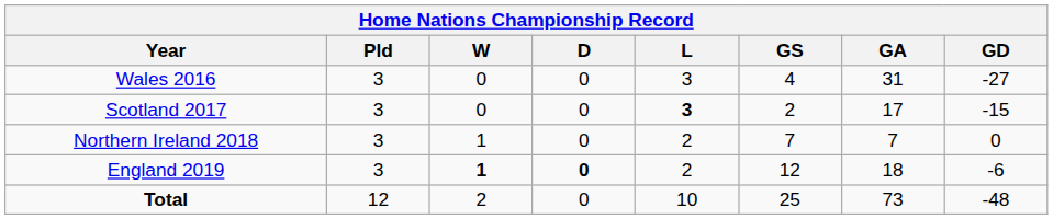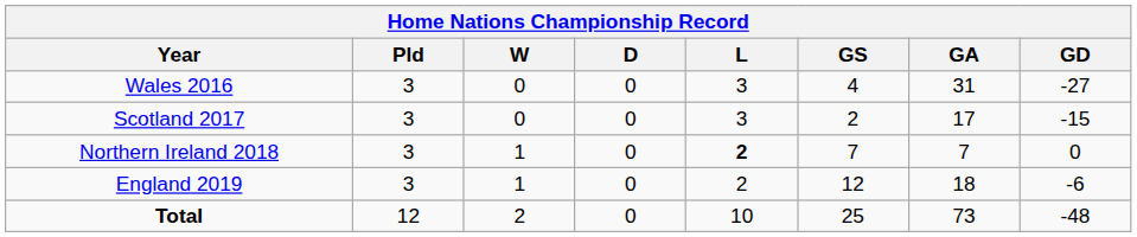 <table class="wikitable"  style="width:50%; text-align:center; font-size:90%;">
 <tr>
 <th colspan=8><a href='#'>Home Nations Championship Record</a></th>
 </tr>
 <tr>
 <th width=25%>Year</th>
 <th width=8%>Pld</th>
 <th width=8%>W</th>
 <th width=8%>D</th>
 <th width=8%>L</th>
 <th width=8%>GS</th>
 <th width=8%>GA</th>
 <th width=8%>GD</th>
 </tr>
 <tr>
 <td><a href='#'>Wales 2016</a></td>
 <td>3</td>
 <td>0</td>
 <td>0</td>
 <td>3</td>
 <td>4</td>
 <td>31</td>
 <td>-27</td>
 </tr>
 <tr>
 <td><a href='#'>Scotland 2017</a></td>
 <td>3</td>
 <td>0</td>
 <td>0</td>
-<td><strong>3</strong></td>
+<td>3</td>
 <td>2</td>
 <td>17</td>
 <td>-15</td>
 </tr>
 <tr>
 <td><a href='#'>Northern Ireland 2018</a></td>
 <td>3</td>
 <td>1</td>
 <td>0</td>
-<td>2</td>
+<td><strong>2</strong></td>
 <td>7</td>
 <td>7</td>
 <td>0</td>
 </tr>
 <tr>
 <td><a href='#'>England 2019</a></td>
 <td>3</td>
-<td><strong>1</strong></td>
-<td><strong>0</strong></td>
+<td>1</td>
+<td>0</td>
 <td>2</td>
 <td>12</td>
 <td>18</td>
 <td>-6</td>
 </tr>
 <tr>
 <td><strong>Total</strong></td>
 <td>12</td>
 <td>2</td>
 <td>0</td>
 <td>10</td>
 <td>25</td>
 <td>73</td>
 <td>-48</td>
 </tr>
 </table>
